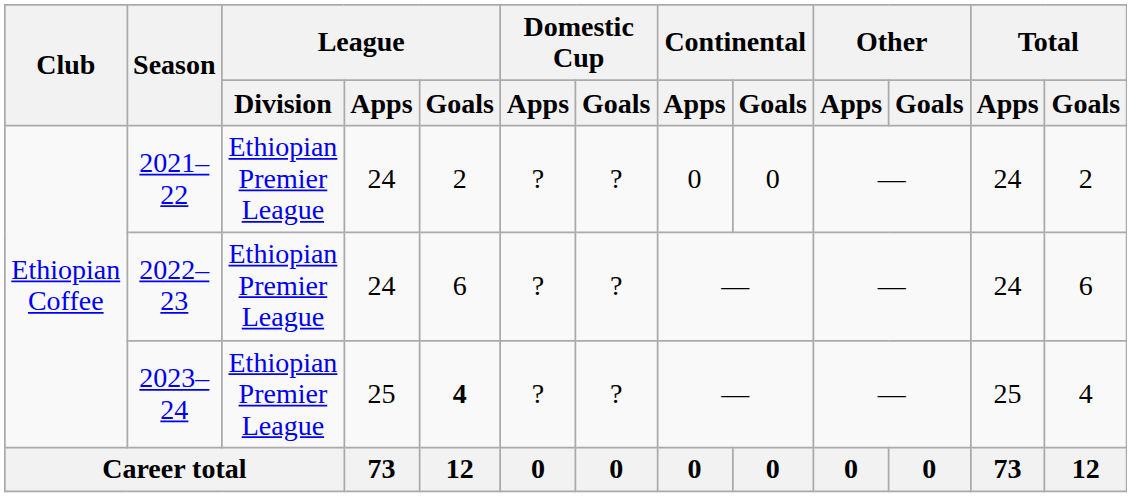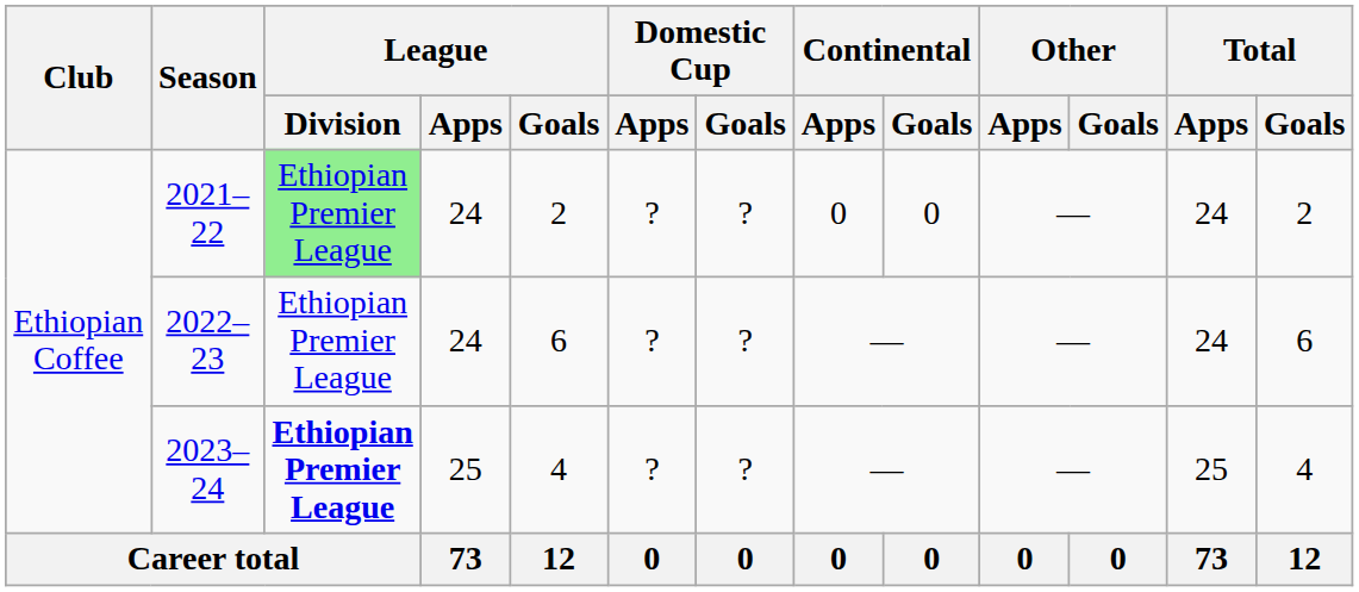 <table class="wikitable" style="text-align:center">
 <tr>
 <th rowspan="2">Club</th>
 <th rowspan="2">Season</th>
 <th colspan="3">League</th>
 <th colspan="2">Domestic Cup</th>
 <th colspan="2">Continental</th>
 <th colspan="2">Other</th>
 <th colspan="2">Total</th>
 </tr>
 <tr>
 <th>Division</th>
 <th>Apps</th>
 <th>Goals</th>
 <th>Apps</th>
 <th>Goals</th>
 <th>Apps</th>
 <th>Goals</th>
 <th>Apps</th>
 <th>Goals</th>
 <th>Apps</th>
 <th>Goals</th>
 </tr>
 <tr>
 <td rowspan="3"><a href='#'>Ethiopian Coffee</a></td>
 <td><a href='#'>2021–22</a></td>
-<td><a href='#'>Ethiopian Premier League</a></td>
+<td style="background: lightgreen;"><a href='#'>Ethiopian Premier League</a></td>
 <td>24</td>
 <td>2</td>
 <td>?</td>
 <td>?</td>
 <td>0</td>
 <td>0</td>
 <td colspan="2">—</td>
 <td>24</td>
 <td>2</td>
 </tr>
 <tr>
 <td><a href='#'>2022–23</a></td>
 <td><a href='#'>Ethiopian Premier League</a></td>
 <td>24</td>
 <td>6</td>
 <td>?</td>
 <td>?</td>
 <td colspan="2">—</td>
 <td colspan="2">—</td>
 <td>24</td>
 <td>6</td>
 </tr>
 <tr>
 <td><a href='#'>2023–24</a></td>
-<td><a href='#'>Ethiopian Premier League</a></td>
+<td><strong><a href='#'>Ethiopian Premier League</a></strong></td>
 <td>25</td>
-<td><strong>4</strong></td>
+<td>4</td>
 <td>?</td>
 <td>?</td>
 <td colspan="2">—</td>
 <td colspan="2">—</td>
 <td>25</td>
 <td>4</td>
 </tr>
 <tr>
 <th colspan="3">Career total</th>
 <th>73</th>
 <th>12</th>
 <th>0</th>
 <th>0</th>
 <th>0</th>
 <th>0</th>
 <th>0</th>
 <th>0</th>
 <th>73</th>
 <th>12</th>
 </tr>
 </table>
